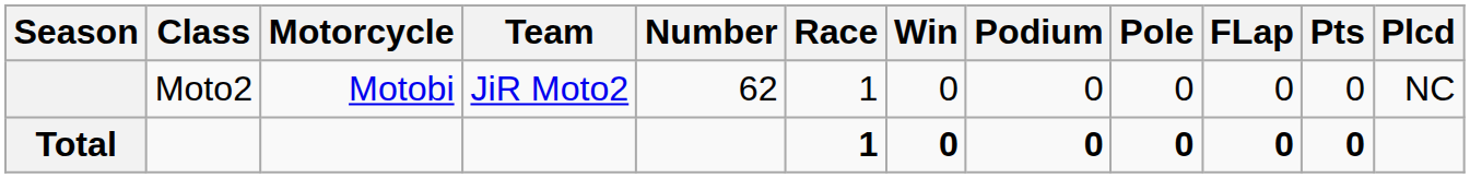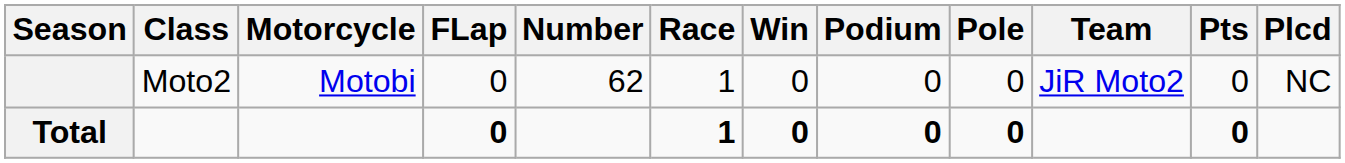 <table class="wikitable">
 <tr>
 <th>Season</th>
 <th>Class</th>
 <th>Motorcycle</th>
-<th>Team</th>
+<th>FLap</th>
 <th>Number</th>
 <th>Race</th>
 <th>Win</th>
 <th>Podium</th>
 <th>Pole</th>
-<th>FLap</th>
+<th>Team</th>
 <th>Pts</th>
 <th>Plcd</th>
 </tr>
 <tr align="right">
 <th></th>
 <td>Moto2</td>
 <td><a href='#'>Motobi</a></td>
-<td><a href='#'>JiR Moto2</a></td>
+<td>0</td>
 <td>62</td>
 <td>1</td>
 <td>0</td>
 <td>0</td>
 <td>0</td>
-<td>0</td>
+<td><a href='#'>JiR Moto2</a></td>
 <td>0</td>
 <td>NC</td>
 </tr>
 <tr align="right">
 <th>Total</th>
 <td></td>
 <td></td>
-<td></td>
+<td><strong>0</strong></td>
 <td></td>
 <td><strong>1</strong></td>
 <td><strong>0</strong></td>
 <td><strong>0</strong></td>
 <td><strong>0</strong></td>
-<td><strong>0</strong></td>
+<td></td>
 <td><strong>0</strong></td>
 <td></td>
 </tr>
 </table>
